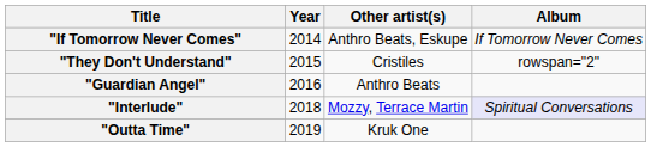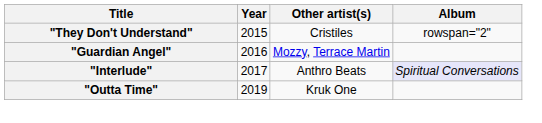 <table class="wikitable plainrowheaders" style="text-align:center;">
 <tr>
 <th scope="col" style="width:19em;">Title</th>
 <th scope="col">Year</th>
 <th scope="col">Other artist(s)</th>
 <th scope="col">Album</th>
-</tr>
-<tr>
-<th scope="row">"If Tomorrow Never Comes"</th>
-<td>2014</td>
-<td>Anthro Beats, Eskupe</td>
-<td><em>If Tomorrow Never Comes</em></td>
 </tr>
 <tr>
 <th scope="row">"They Don't Understand"</th>
 <td>2015</td>
 <td>Cristiles</td>
 <td>rowspan="2" </td>
 </tr>
 <tr>
 <th scope="row">"Guardian Angel"</th>
 <td>2016</td>
-<td>Anthro Beats</td>
+<td><a href='#'>Mozzy</a>, <a href='#'>Terrace Martin</a></td>
 </tr>
 <tr>
 <th scope="row">"Interlude"</th>
-<td>2018</td>
-<td><a href='#'>Mozzy</a>, <a href='#'>Terrace Martin</a></td>
+<td>2017</td>
+<td>Anthro Beats</td>
 <td style="background: lavender;"><em>Spiritual Conversations</em></td>
 </tr>
 <tr>
 <th scope="row">"Outta Time"</th>
 <td>2019</td>
 <td>Kruk One</td>
 <td></td>
 </tr>
 </table>
